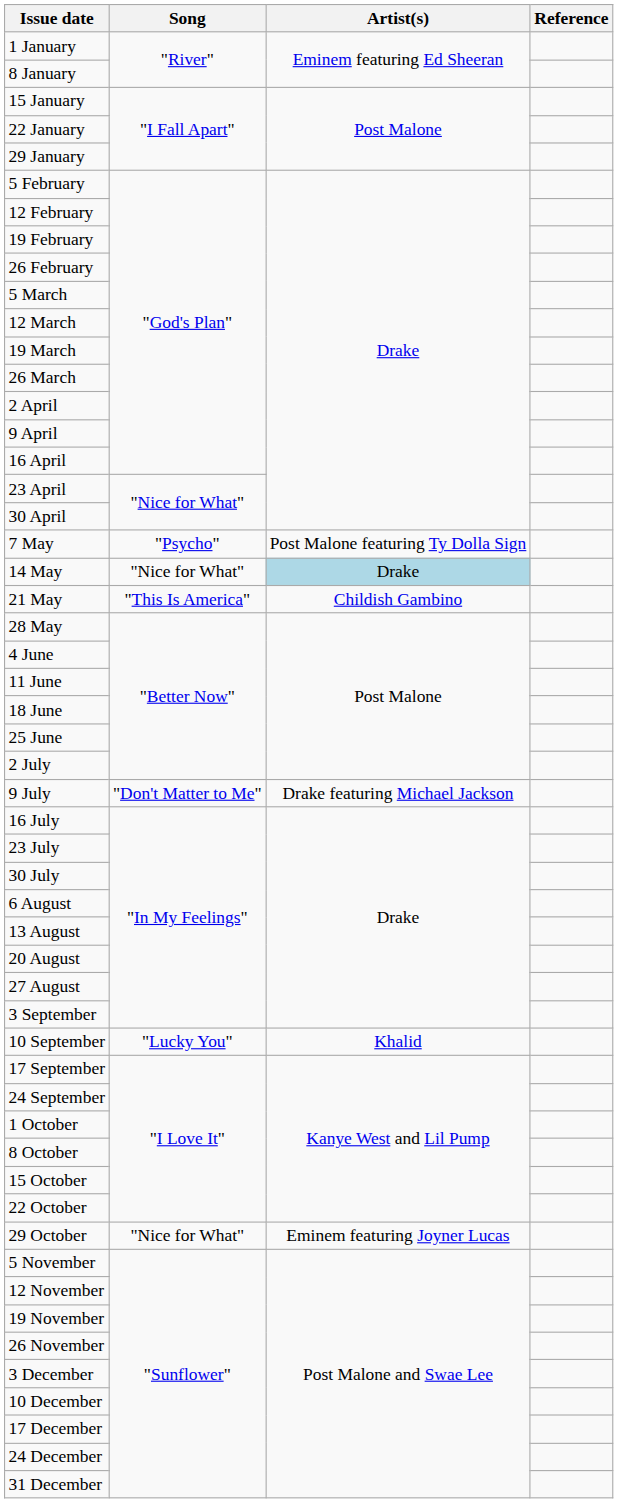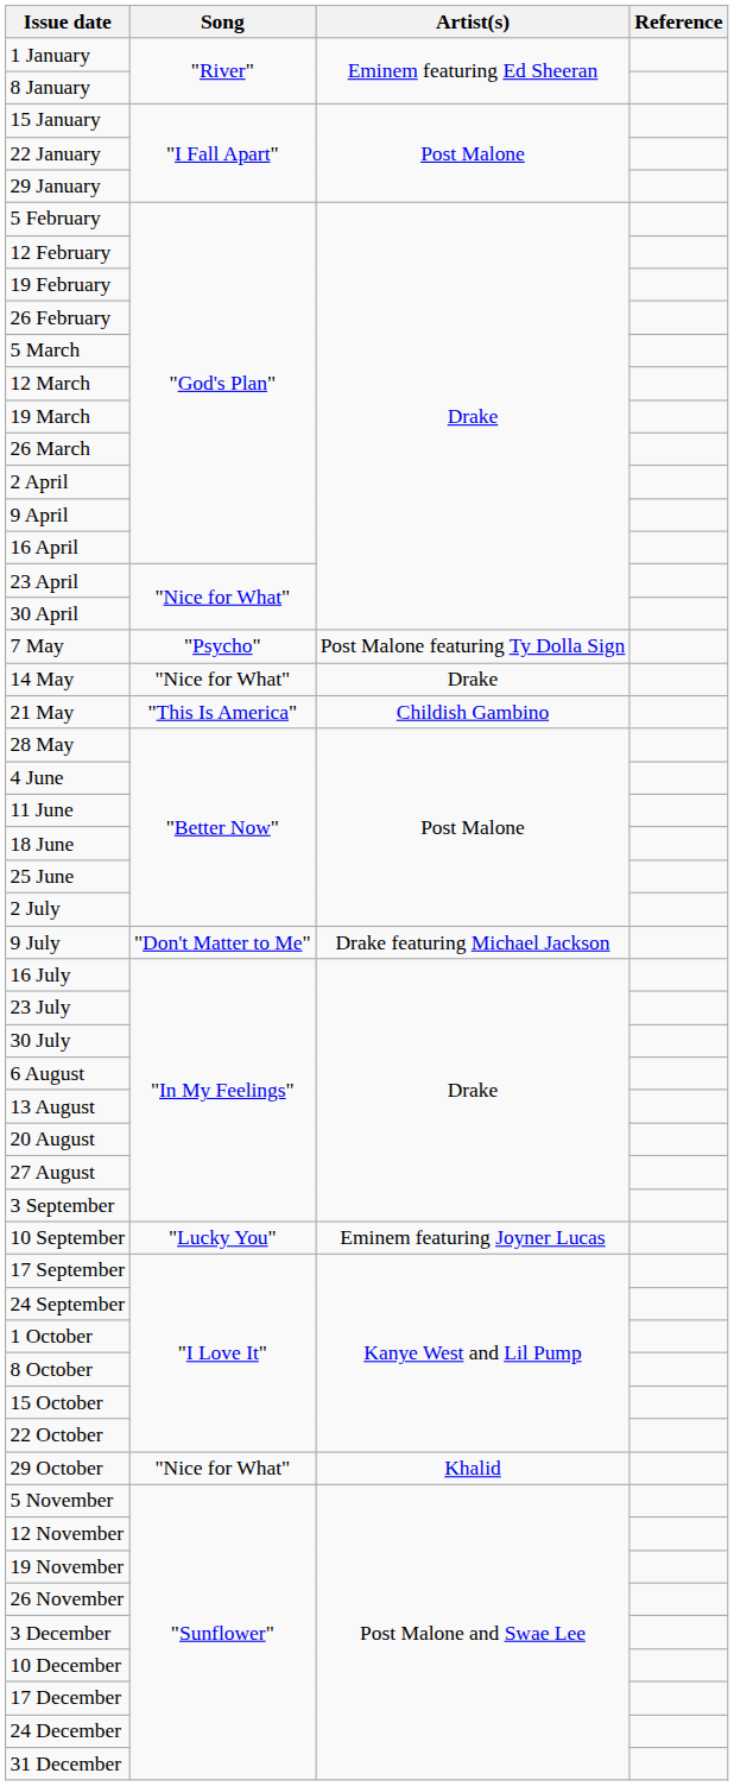 <table class="wikitable">
 <tr>
 <th>Issue date</th>
 <th>Song</th>
 <th>Artist(s)</th>
 <th>Reference</th>
 </tr>
 <tr>
 <td align="left">1 January</td>
 <td align="center" rowspan="2">"<a href='#'>River</a>"</td>
 <td align="center" rowspan="2"><a href='#'>Eminem</a> featuring <a href='#'>Ed Sheeran</a></td>
 <td align="center"></td>
 </tr>
 <tr>
 <td align="left">8 January</td>
 <td align="center"></td>
 </tr>
 <tr>
 <td align="left">15 January</td>
 <td align="center" rowspan="3">"<a href='#'>I Fall Apart</a>"</td>
 <td align="center" rowspan="3"><a href='#'>Post Malone</a></td>
 <td align="center"></td>
 </tr>
 <tr>
 <td align="left">22 January</td>
 <td align="center"></td>
 </tr>
 <tr>
 <td align="left">29 January</td>
 <td align="center"></td>
 </tr>
 <tr>
 <td align="left">5 February</td>
 <td align="center" rowspan="11">"<a href='#'>God's Plan</a>"</td>
 <td align="center" rowspan="13"><a href='#'>Drake</a></td>
 <td align="center"></td>
 </tr>
 <tr>
 <td align="left">12 February</td>
 <td align="center"></td>
 </tr>
 <tr>
 <td align="left">19 February</td>
 <td align="center"></td>
 </tr>
 <tr>
 <td align="left">26 February</td>
 <td align="center"></td>
 </tr>
 <tr>
 <td align="left">5 March</td>
 <td align="center"></td>
 </tr>
 <tr>
 <td align="left">12 March</td>
 <td align="center"></td>
 </tr>
 <tr>
 <td align="left">19 March</td>
 <td align="center"></td>
 </tr>
 <tr>
 <td align="left">26 March</td>
 <td align="center"></td>
 </tr>
 <tr>
 <td align="left">2 April</td>
 <td align="center"></td>
 </tr>
 <tr>
 <td align="left">9 April</td>
 <td align="center"></td>
 </tr>
 <tr>
 <td align="left">16 April</td>
 <td align="center"></td>
 </tr>
 <tr>
 <td align="left">23 April</td>
 <td align="center" rowspan="2">"<a href='#'>Nice for What</a>"</td>
 <td align="center"></td>
 </tr>
 <tr>
 <td align="left">30 April</td>
 <td align="center"></td>
 </tr>
 <tr>
 <td align="left">7 May</td>
 <td align="center">"<a href='#'>Psycho</a>"</td>
 <td align="center">Post Malone featuring <a href='#'>Ty Dolla Sign</a></td>
 <td align="center"></td>
 </tr>
 <tr>
 <td align="left">14 May</td>
 <td align="center">"Nice for What"</td>
-<td align="Center" style="background: lightblue;">Drake</td>
+<td align="Center">Drake</td>
 <td align="center"></td>
 </tr>
 <tr>
 <td align="left">21 May</td>
 <td align="center">"<a href='#'>This Is America</a>"</td>
 <td align="center"><a href='#'>Childish Gambino</a></td>
 <td align="center"></td>
 </tr>
 <tr>
 <td align="left">28 May</td>
 <td align="center" rowspan="6">"<a href='#'>Better Now</a>"</td>
 <td align="center" rowspan="6">Post Malone</td>
 <td align="center"></td>
 </tr>
 <tr>
 <td align="left">4 June</td>
 <td align="center"></td>
 </tr>
 <tr>
 <td align="left">11 June</td>
 <td align="center"></td>
 </tr>
 <tr>
 <td align="left">18 June</td>
 <td align="center"></td>
 </tr>
 <tr>
 <td align="left">25 June</td>
 <td align="center"></td>
 </tr>
 <tr>
 <td align="left">2 July</td>
 <td align="center"></td>
 </tr>
 <tr>
 <td align="left">9 July</td>
 <td align="center">"<a href='#'>Don't Matter to Me</a>"</td>
 <td align="center">Drake featuring <a href='#'>Michael Jackson</a></td>
 <td align="center"></td>
 </tr>
 <tr>
 <td align="left">16 July</td>
 <td align="center" rowspan="8">"<a href='#'>In My Feelings</a>"</td>
 <td align="center" rowspan="8">Drake</td>
 <td align="center"></td>
 </tr>
 <tr>
 <td align="left">23 July</td>
 <td align="center"></td>
 </tr>
 <tr>
 <td align="left">30 July</td>
 <td align="center"></td>
 </tr>
 <tr>
 <td align="left">6 August</td>
 <td align="center"></td>
 </tr>
 <tr>
 <td align="left">13 August</td>
 <td align="center"></td>
 </tr>
 <tr>
 <td align="left">20 August</td>
 <td align="center"></td>
 </tr>
 <tr>
 <td align="left">27 August</td>
 <td align="center"></td>
 </tr>
 <tr>
 <td align="left">3 September</td>
 <td align="center"></td>
 </tr>
 <tr>
 <td align="left">10 September</td>
 <td align="center">"<a href='#'>Lucky You</a>"</td>
-<td align="center"><a href='#'>Khalid</a></td>
+<td align="center">Eminem featuring <a href='#'>Joyner Lucas</a></td>
 <td align="center"></td>
 </tr>
 <tr>
 <td align="left">17 September</td>
 <td align="center" rowspan="6">"<a href='#'>I Love It</a>"</td>
 <td align="center" rowspan="6"><a href='#'>Kanye West</a> and <a href='#'>Lil Pump</a></td>
 <td align="center"></td>
 </tr>
 <tr>
 <td align="left">24 September</td>
 <td align="center"></td>
 </tr>
 <tr>
 <td align="left">1 October</td>
 <td align="center"></td>
 </tr>
 <tr>
 <td align="left">8 October</td>
 <td align="center"></td>
 </tr>
 <tr>
 <td align="left">15 October</td>
 <td align="center"></td>
 </tr>
 <tr>
 <td align="left">22 October</td>
 <td align="center"></td>
 </tr>
 <tr>
 <td align="left">29 October</td>
 <td align="center">"Nice for What"</td>
-<td align="center">Eminem featuring <a href='#'>Joyner Lucas</a></td>
+<td align="center"><a href='#'>Khalid</a></td>
 <td align="center"></td>
 </tr>
 <tr>
 <td align="left">5 November</td>
 <td align="center" rowspan="9">"<a href='#'>Sunflower</a>"</td>
 <td align="center" rowspan="9">Post Malone and <a href='#'>Swae Lee</a></td>
 <td align="center"></td>
 </tr>
 <tr>
 <td align="left">12 November</td>
 <td align="center"></td>
 </tr>
 <tr>
 <td align="left">19 November</td>
 <td align="center"></td>
 </tr>
 <tr>
 <td align="left">26 November</td>
 <td align="center"></td>
 </tr>
 <tr>
 <td align="left">3 December</td>
 <td align="center"></td>
 </tr>
 <tr>
 <td align="left">10 December</td>
 <td align="center"></td>
 </tr>
 <tr>
 <td align="left">17 December</td>
 <td align="center"></td>
 </tr>
 <tr>
 <td align="left">24 December</td>
 <td align="center"></td>
 </tr>
 <tr>
 <td align="left">31 December</td>
 <td align="center"></td>
 </tr>
 </table>
